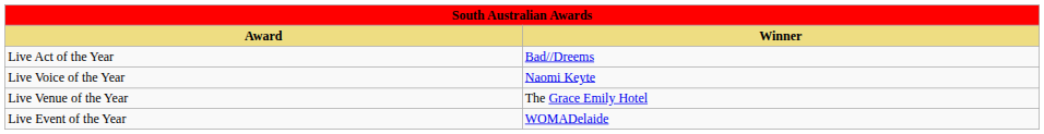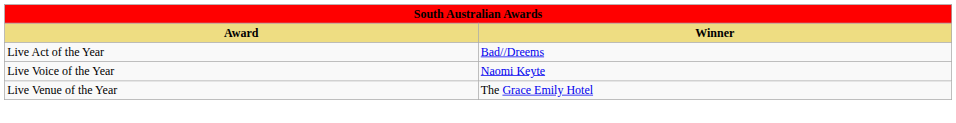 <table class="wikitable" width=100%>
 <tr>
 <th colspan="2" ! style="width:15%;background:red">South Australian Awards</th>
 </tr>
 <tr>
 <th style="width:10%;background:#EEDD82;">Award</th>
 <th style="width:10%;background:#EEDD82;">Winner</th>
 </tr>
 <tr>
 <td>Live Act of the Year</td>
 <td><a href='#'>Bad//Dreems</a></td>
 </tr>
 <tr>
 <td>Live Voice of the Year</td>
 <td><a href='#'>Naomi Keyte</a></td>
 </tr>
 <tr>
 <td>Live Venue of the Year</td>
 <td>The <a href='#'>Grace Emily Hotel</a></td>
 </tr>
-<tr>
-<td>Live Event of the Year</td>
-<td><a href='#'>WOMADelaide</a></td>
-</tr>
 </table>
